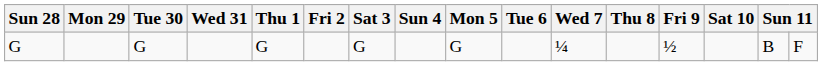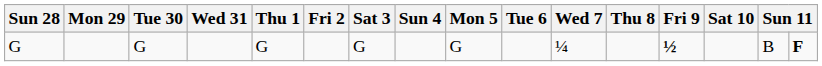 <table class="wikitable olympic-schedule water-polo">
 <tr>
 <th>Sun 28</th>
 <th>Mon 29</th>
 <th>Tue 30</th>
 <th>Wed 31</th>
 <th>Thu 1</th>
 <th>Fri 2</th>
 <th>Sat 3</th>
 <th>Sun 4</th>
 <th>Mon 5</th>
 <th>Tue 6</th>
 <th>Wed 7</th>
 <th>Thu 8</th>
 <th>Fri 9</th>
 <th>Sat 10</th>
 <th colspan="2">Sun 11</th>
 </tr>
 <tr>
 <td class="team-group">G</td>
 <td></td>
 <td class="team-group">G</td>
 <td></td>
 <td class="team-group">G</td>
 <td></td>
 <td class="team-group">G</td>
 <td></td>
 <td class="team-group">G</td>
 <td></td>
 <td class="team-qf">¼</td>
 <td></td>
-<td class="team-sf">½</td>
+<td class="team-sf"><strong>½</strong></td>
 <td></td>
 <td class="team-bronze">B</td>
-<td class="team-final">F</td>
+<td class="team-final"><strong>F</strong></td>
 </tr>
 </table>
